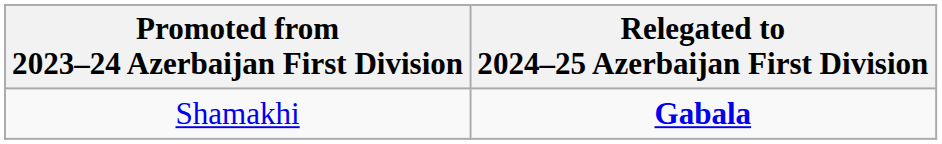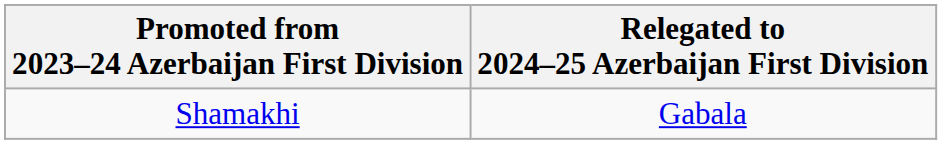 <table class="wikitable">
 <tr>
 <th>Promoted from<br>2023–24 Azerbaijan First Division</th>
 <th>Relegated to<br>2024–25 Azerbaijan First Division</th>
 </tr>
 <tr>
 <td align=center><a href='#'>Shamakhi</a></td>
-<td align=center><strong><a href='#'>Gabala</a></strong></td>
+<td align=center><a href='#'>Gabala</a></td>
 </tr>
 </table>
